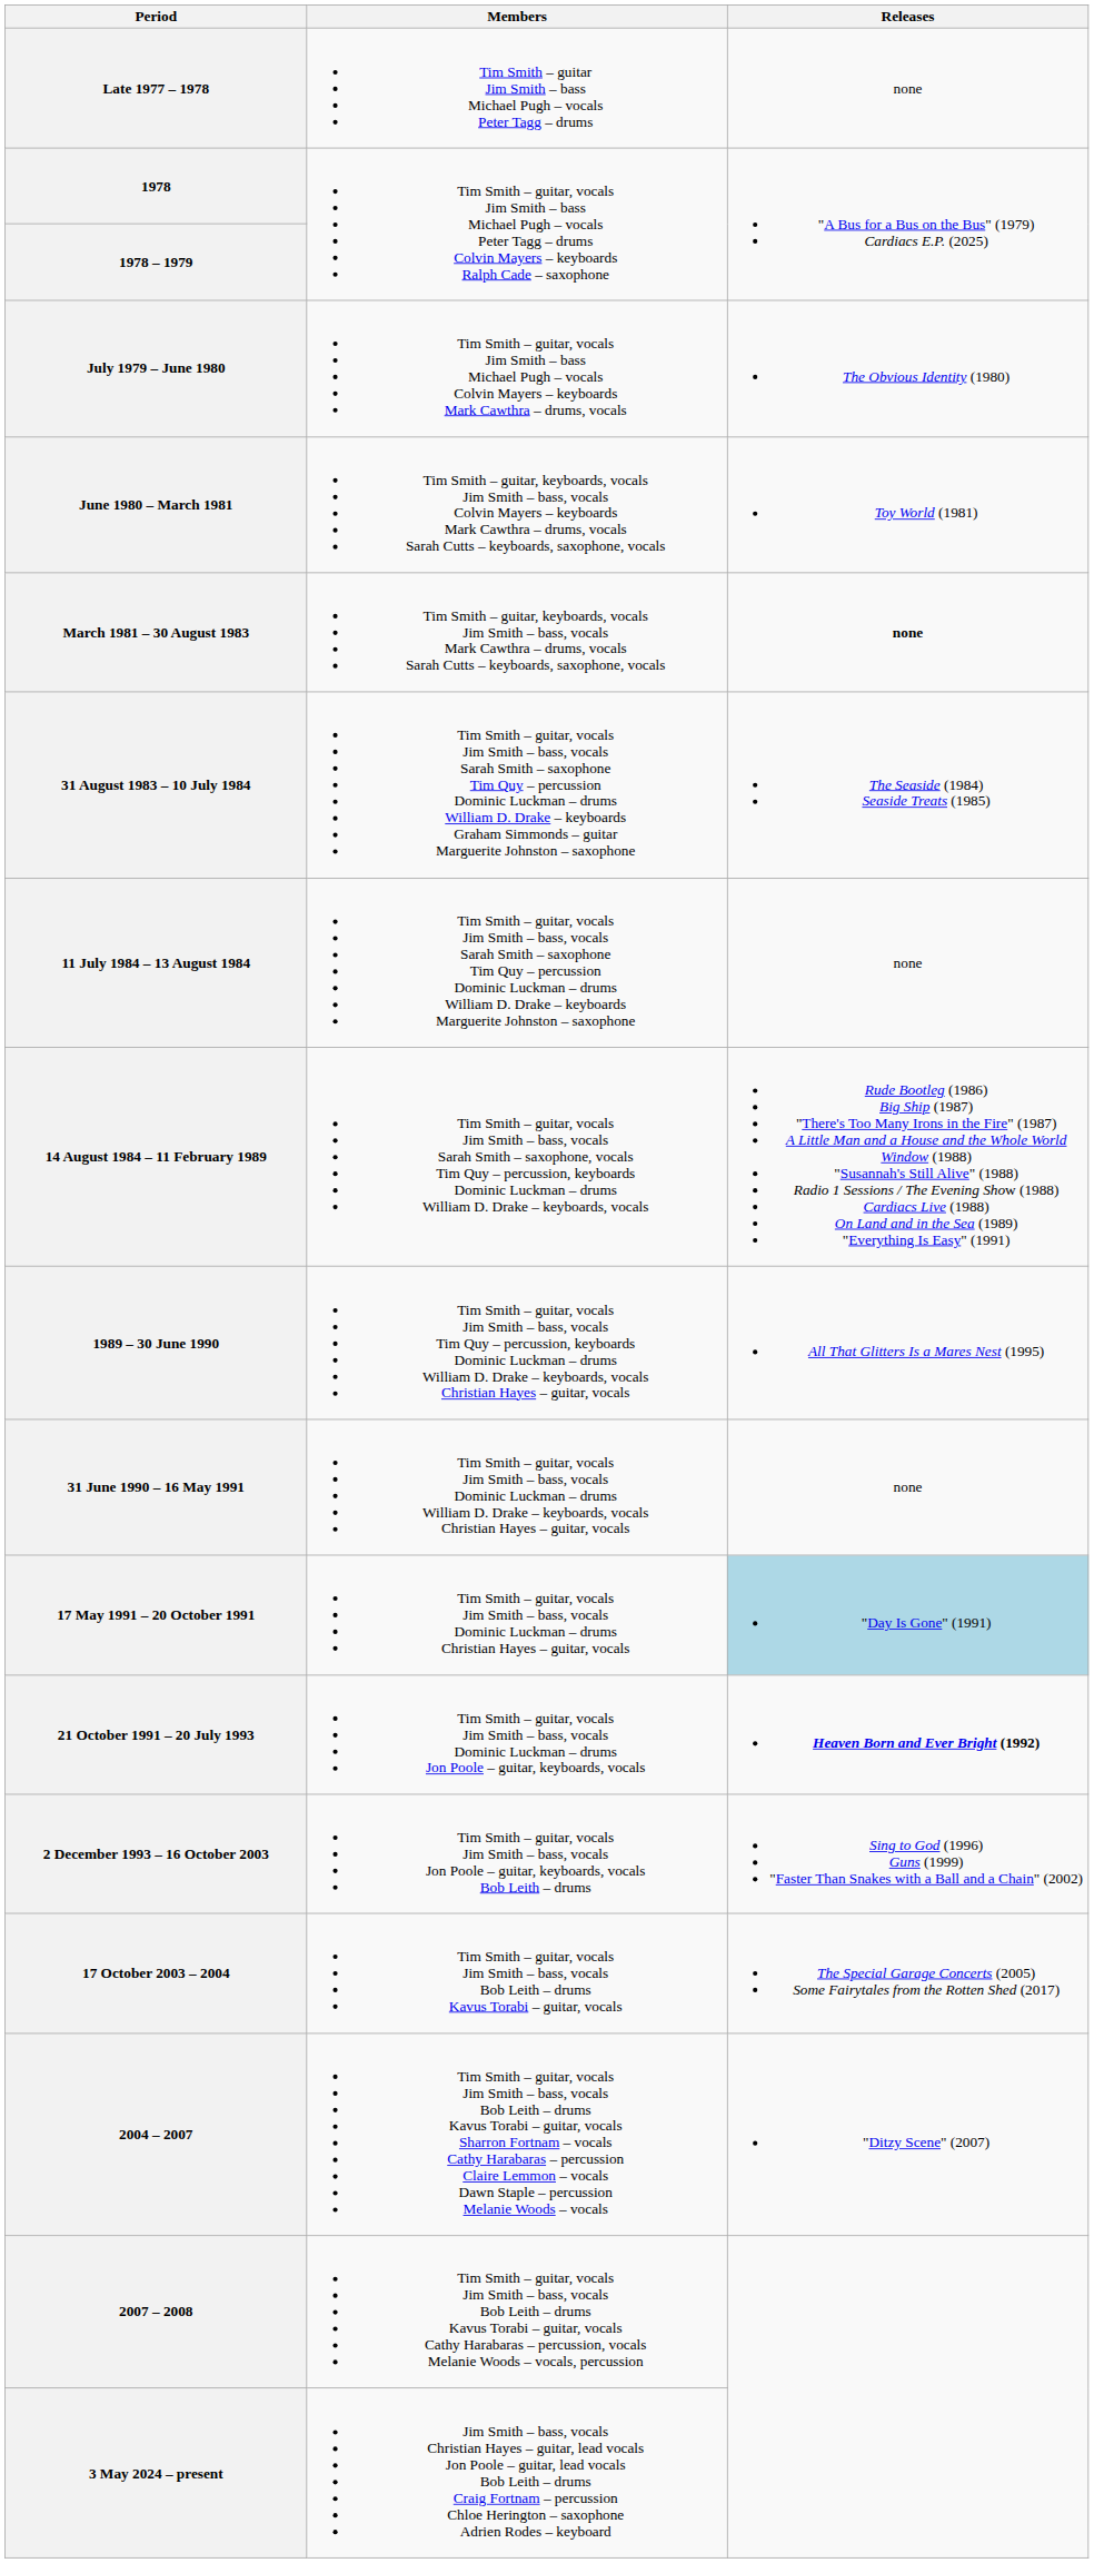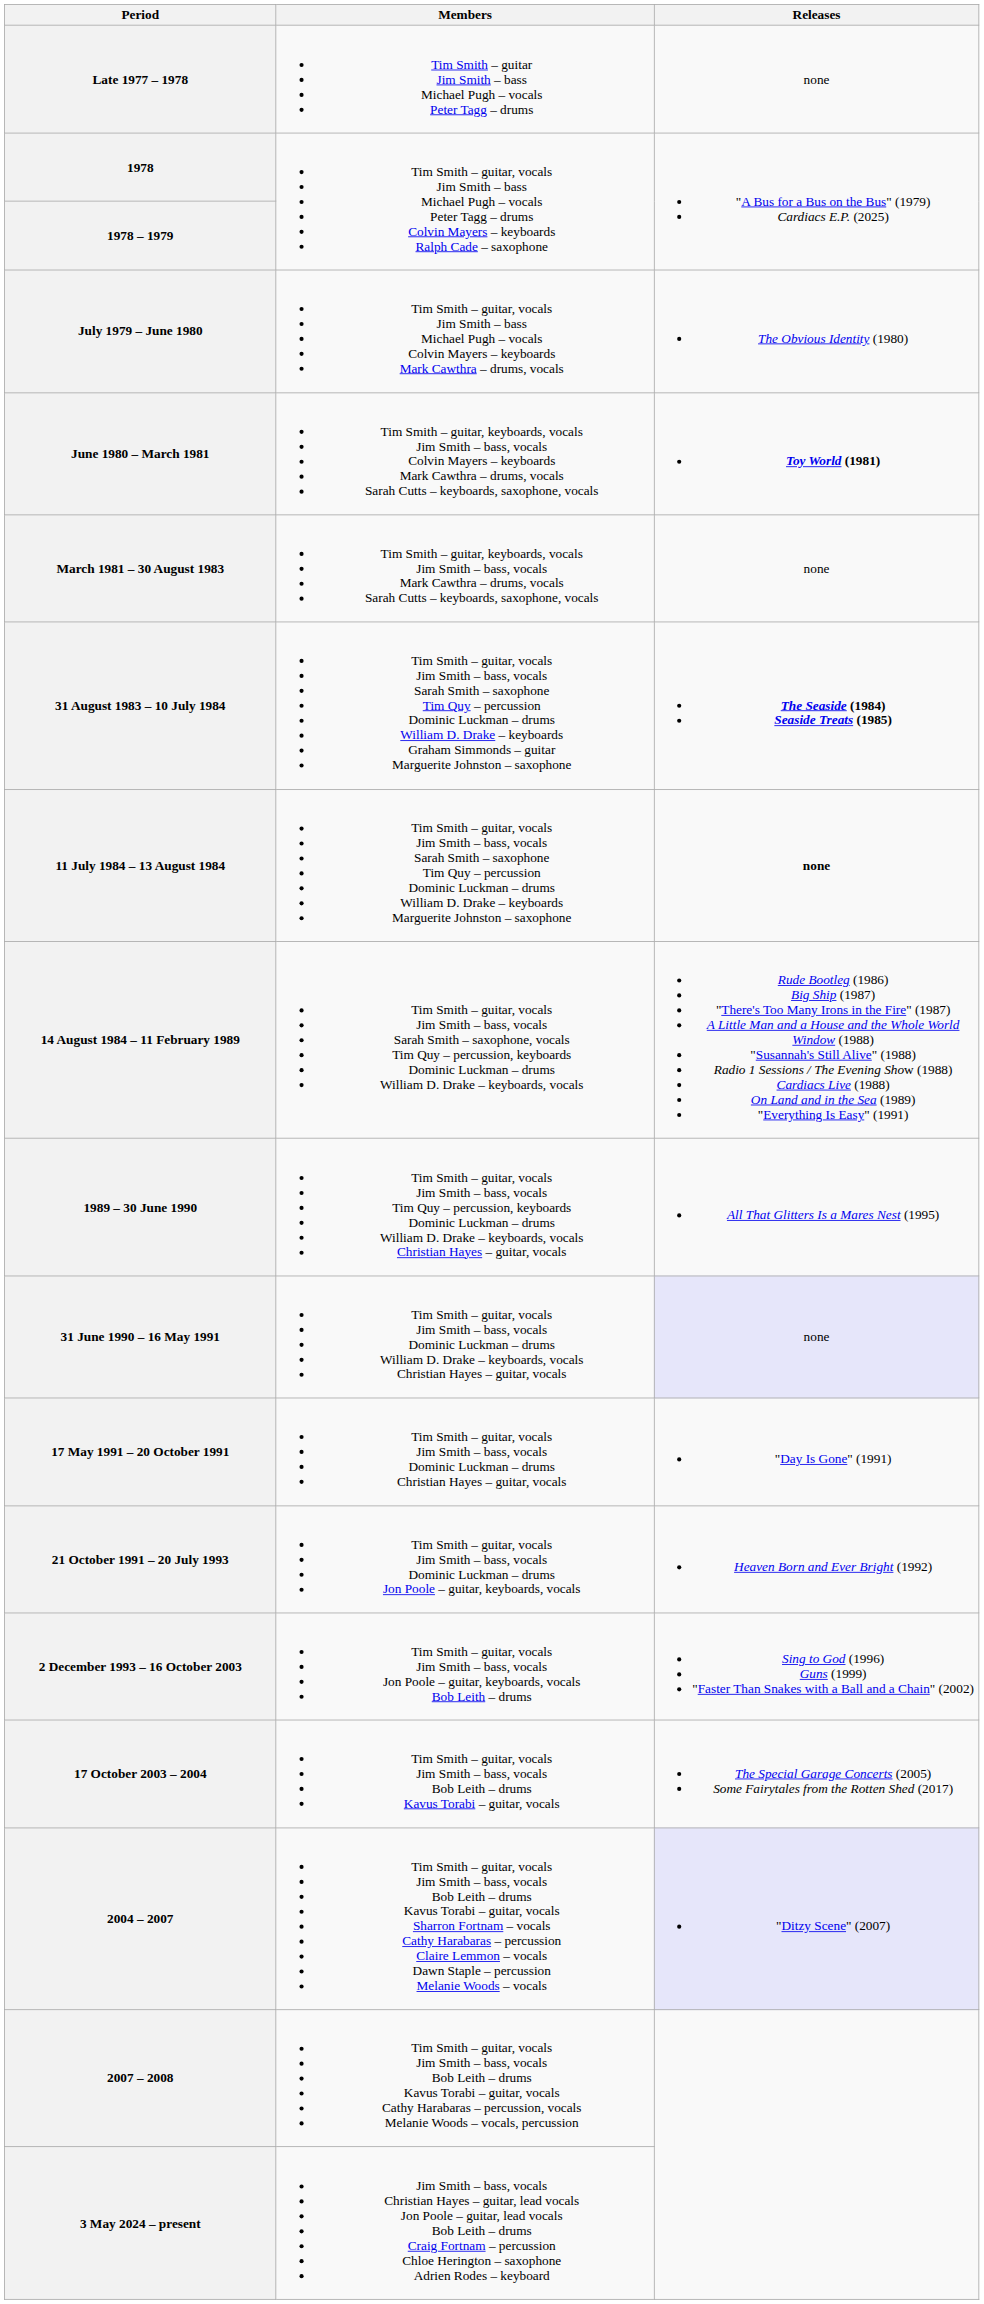 <table class="wikitable plainrowheaders" style="text-align:center;">
 <tr>
 <th scope="col" style="width:20em;">Period</th>
 <th scope="col" style="width:28em;">Members</th>
 <th scope="col" style="width:24em;">Releases</th>
 </tr>
 <tr>
 <th scope="col">Late 1977 – 1978</th>
 <td><br><ul><li><a href='#'>Tim Smith</a> – guitar</li><li><a href='#'>Jim Smith</a> – bass</li><li>Michael Pugh – vocals</li><li><a href='#'>Peter Tagg</a> – drums</li></ul></td>
 <td>none</td>
 </tr>
 <tr>
 <th scope="col">1978<br></th>
 <td rowspan="2"><br><ul><li>Tim Smith – guitar, vocals</li><li>Jim Smith – bass</li><li>Michael Pugh – vocals</li><li>Peter Tagg – drums</li><li><a href='#'>Colvin Mayers</a> – keyboards</li><li><a href='#'>Ralph Cade</a> – saxophone</li></ul></td>
 <td rowspan="2"><br><ul><li>"<a href='#'>A Bus for a Bus on the Bus</a>" (1979)</li><li><em>Cardiacs E.P.</em> (2025) </li></ul></td>
 </tr>
 <tr>
 <th>1978 – 1979<br></th>
 </tr>
 <tr>
 <th scope="col">July 1979 – June 1980<br></th>
 <td><br><ul><li>Tim Smith – guitar, vocals</li><li>Jim Smith – bass</li><li>Michael Pugh – vocals</li><li>Colvin Mayers – keyboards</li><li><a href='#'>Mark Cawthra</a> – drums, vocals</li></ul></td>
 <td><br><ul><li><em><a href='#'>The Obvious Identity</a></em> (1980)</li></ul></td>
 </tr>
 <tr>
 <th> June 1980 – March 1981</th>
 <td><br><ul><li>Tim Smith – guitar, keyboards, vocals</li><li>Jim Smith – bass, vocals</li><li>Colvin Mayers – keyboards</li><li>Mark Cawthra – drums, vocals</li><li>Sarah Cutts – keyboards, saxophone, vocals</li></ul></td>
-<td><br><ul><li><em><a href='#'>Toy World</a></em> (1981)</li></ul></td>
+<td><strong><br><ul><li><em><a href='#'>Toy World</a></em> (1981)</li></ul></strong></td>
 </tr>
 <tr>
 <th> March 1981 – 30 August 1983</th>
 <td><br><ul><li>Tim Smith – guitar, keyboards, vocals</li><li>Jim Smith – bass, vocals</li><li>Mark Cawthra – drums, vocals</li><li>Sarah Cutts – keyboards, saxophone, vocals</li></ul></td>
-<td><strong>none</strong></td>
+<td>none</td>
 </tr>
 <tr>
 <th>31 August 1983 – 10 July 1984</th>
 <td><br><ul><li>Tim Smith – guitar, vocals</li><li>Jim Smith – bass, vocals</li><li>Sarah Smith – saxophone</li><li><a href='#'>Tim Quy</a> – percussion</li><li>Dominic Luckman – drums</li><li><a href='#'>William D. Drake</a> – keyboards</li><li>Graham Simmonds – guitar</li><li>Marguerite Johnston – saxophone</li></ul></td>
-<td><br><ul><li><em><a href='#'>The Seaside</a></em> (1984)</li><li><em><a href='#'>Seaside Treats</a></em> (1985)</li></ul></td>
+<td><strong><br><ul><li><em><a href='#'>The Seaside</a></em> (1984)</li><li><em><a href='#'>Seaside Treats</a></em> (1985)</li></ul></strong></td>
 </tr>
 <tr>
 <th>11 July 1984 – 13 August 1984</th>
 <td><br><ul><li>Tim Smith – guitar, vocals</li><li>Jim Smith – bass, vocals</li><li>Sarah Smith – saxophone</li><li>Tim Quy – percussion</li><li>Dominic Luckman – drums</li><li>William D. Drake – keyboards</li><li>Marguerite Johnston – saxophone</li></ul></td>
-<td>none</td>
+<td><strong>none</strong></td>
 </tr>
 <tr>
 <th>14 August 1984 – 11 February 1989</th>
 <td><br><ul><li>Tim Smith – guitar, vocals</li><li>Jim Smith – bass, vocals</li><li>Sarah Smith – saxophone, vocals</li><li>Tim Quy – percussion, keyboards</li><li>Dominic Luckman – drums</li><li>William D. Drake – keyboards, vocals</li></ul></td>
 <td><br><ul><li><em><a href='#'>Rude Bootleg</a></em> (1986)</li><li><em><a href='#'>Big Ship</a></em> (1987)</li><li>"<a href='#'>There's Too Many Irons in the Fire</a>" (1987)</li><li><em><a href='#'>A Little Man and a House and the Whole World Window</a></em> (1988)</li><li>"<a href='#'>Susannah's Still Alive</a>" (1988)</li><li><em>Radio 1 Sessions / The Evening Sho</em>w (1988)</li><li><em><a href='#'>Cardiacs Live</a></em> (1988)</li><li><em><a href='#'>On Land and in the Sea</a></em> (1989)</li><li>"<a href='#'>Everything Is Easy</a>" (1991)</li></ul></td>
 </tr>
 <tr>
 <th>1989 – 30 June 1990</th>
 <td><br><ul><li>Tim Smith – guitar, vocals</li><li>Jim Smith – bass, vocals</li><li>Tim Quy – percussion, keyboards</li><li>Dominic Luckman – drums</li><li>William D. Drake – keyboards, vocals</li><li><a href='#'>Christian Hayes</a> – guitar, vocals</li></ul></td>
 <td><br><ul><li><em><a href='#'>All That Glitters Is a Mares Nest</a></em> (1995)</li></ul></td>
 </tr>
 <tr>
 <th>31 June 1990 – 16 May 1991</th>
 <td><br><ul><li>Tim Smith – guitar, vocals</li><li>Jim Smith – bass, vocals</li><li>Dominic Luckman – drums</li><li>William D. Drake – keyboards, vocals</li><li>Christian Hayes – guitar, vocals</li></ul></td>
-<td>none</td>
+<td style="background: lavender;">none</td>
 </tr>
 <tr>
 <th> 17 May 1991 – 20 October 1991</th>
 <td><br><ul><li>Tim Smith – guitar, vocals</li><li>Jim Smith – bass, vocals</li><li>Dominic Luckman – drums</li><li>Christian Hayes – guitar, vocals</li></ul></td>
-<td style="background: lightblue;"><br><ul><li>"<a href='#'>Day Is Gone</a>" (1991)</li></ul></td>
+<td><br><ul><li>"<a href='#'>Day Is Gone</a>" (1991)</li></ul></td>
 </tr>
 <tr>
 <th>21 October 1991 – 20 July 1993</th>
 <td><br><ul><li>Tim Smith – guitar, vocals</li><li>Jim Smith – bass, vocals</li><li>Dominic Luckman – drums</li><li><a href='#'>Jon Poole</a> – guitar, keyboards, vocals</li></ul></td>
-<td><strong><br><ul><li><em><a href='#'>Heaven Born and Ever Bright</a></em> (1992)</li></ul></strong></td>
+<td><br><ul><li><em><a href='#'>Heaven Born and Ever Bright</a></em> (1992)</li></ul></td>
 </tr>
 <tr>
 <th>2 December 1993 – 16 October 2003</th>
 <td><br><ul><li>Tim Smith – guitar, vocals</li><li>Jim Smith – bass, vocals</li><li>Jon Poole – guitar, keyboards, vocals</li><li><a href='#'>Bob Leith</a> – drums</li></ul></td>
 <td><br><ul><li><em><a href='#'>Sing to God</a></em> (1996)</li><li><em><a href='#'>Guns</a></em> (1999)</li><li>"<a href='#'>Faster Than Snakes with a Ball and a Chain</a>" (2002)</li></ul></td>
 </tr>
 <tr>
 <th>17 October 2003 – 2004</th>
 <td><br><ul><li>Tim Smith – guitar, vocals</li><li>Jim Smith – bass, vocals</li><li>Bob Leith – drums</li><li><a href='#'>Kavus Torabi</a> – guitar, vocals</li></ul></td>
 <td><br><ul><li><em><a href='#'>The Special Garage Concerts</a></em> (2005)</li><li><em>Some Fairytales from the Rotten Shed</em> (2017)</li></ul></td>
 </tr>
 <tr>
 <th>2004 – 2007</th>
 <td><br><ul><li>Tim Smith – guitar, vocals</li><li>Jim Smith – bass, vocals</li><li>Bob Leith – drums</li><li>Kavus Torabi – guitar, vocals</li><li><a href='#'>Sharron Fortnam</a> – vocals</li><li><a href='#'>Cathy Harabaras</a> – percussion</li><li><a href='#'>Claire Lemmon</a> – vocals</li><li>Dawn Staple – percussion</li><li><a href='#'>Melanie Woods</a> – vocals</li></ul></td>
-<td><br><ul><li>"<a href='#'>Ditzy Scene</a>" (2007)</li></ul></td>
+<td style="background: lavender;"><br><ul><li>"<a href='#'>Ditzy Scene</a>" (2007)</li></ul></td>
 </tr>
 <tr>
 <th>2007 – 2008</th>
 <td><br><ul><li>Tim Smith – guitar, vocals</li><li>Jim Smith – bass, vocals</li><li>Bob Leith – drums</li><li>Kavus Torabi – guitar, vocals</li><li>Cathy Harabaras – percussion, vocals</li><li>Melanie Woods – vocals, percussion</li></ul></td>
 <td rowspan="2"></td>
 </tr>
 <tr>
 <th>3 May 2024 – present<br></th>
 <td><br><ul><li>Jim Smith – bass, vocals</li><li>Christian Hayes – guitar, lead vocals</li><li>Jon Poole – guitar, lead vocals</li><li>Bob Leith – drums</li><li><a href='#'>Craig Fortnam</a> – percussion</li><li>Chloe Herington – saxophone</li><li>Adrien Rodes – keyboard</li></ul></td>
 </tr>
 </table>
